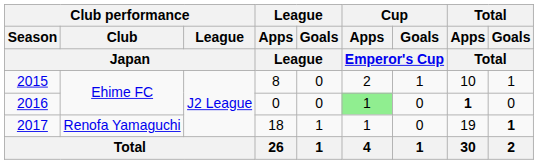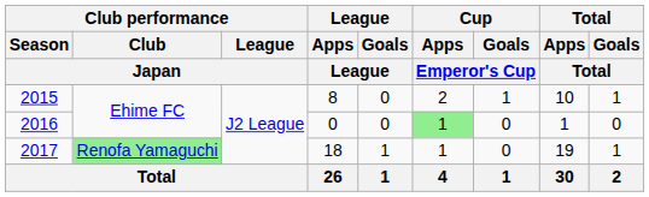 <table class="wikitable" style="text-align:center;">
 <tr>
 <th colspan=3>Club performance</th>
 <th colspan=2>League</th>
 <th colspan=2>Cup</th>
 <th colspan=2>Total</th>
 </tr>
 <tr>
 <th>Season</th>
 <th>Club</th>
 <th>League</th>
 <th>Apps</th>
 <th>Goals</th>
 <th>Apps</th>
 <th>Goals</th>
 <th>Apps</th>
 <th>Goals</th>
 </tr>
 <tr>
 <th colspan=3>Japan</th>
 <th colspan=2>League</th>
 <th colspan=2><a href='#'>Emperor's Cup</a></th>
 <th colspan=2>Total</th>
 </tr>
 <tr>
 <td><a href='#'>2015</a></td>
 <td rowspan="2"><a href='#'>Ehime FC</a></td>
 <td rowspan="3"><a href='#'>J2 League</a></td>
 <td>8</td>
 <td>0</td>
 <td>2</td>
 <td>1</td>
 <td>10</td>
 <td>1</td>
 </tr>
 <tr>
 <td><a href='#'>2016</a></td>
 <td>0</td>
 <td>0</td>
 <td style="background: lightgreen;">1</td>
 <td>0</td>
-<td><strong>1</strong></td>
+<td>1</td>
 <td>0</td>
 </tr>
 <tr>
 <td><a href='#'>2017</a></td>
-<td><a href='#'>Renofa Yamaguchi</a></td>
+<td style="background: lightgreen;"><a href='#'>Renofa Yamaguchi</a></td>
 <td>18</td>
 <td>1</td>
 <td>1</td>
 <td>0</td>
 <td>19</td>
-<td><strong>1</strong></td>
+<td>1</td>
 </tr>
 <tr>
 <th colspan=3>Total</th>
 <th>26</th>
 <th>1</th>
 <th>4</th>
 <th>1</th>
 <th>30</th>
 <th>2</th>
 </tr>
 </table>
